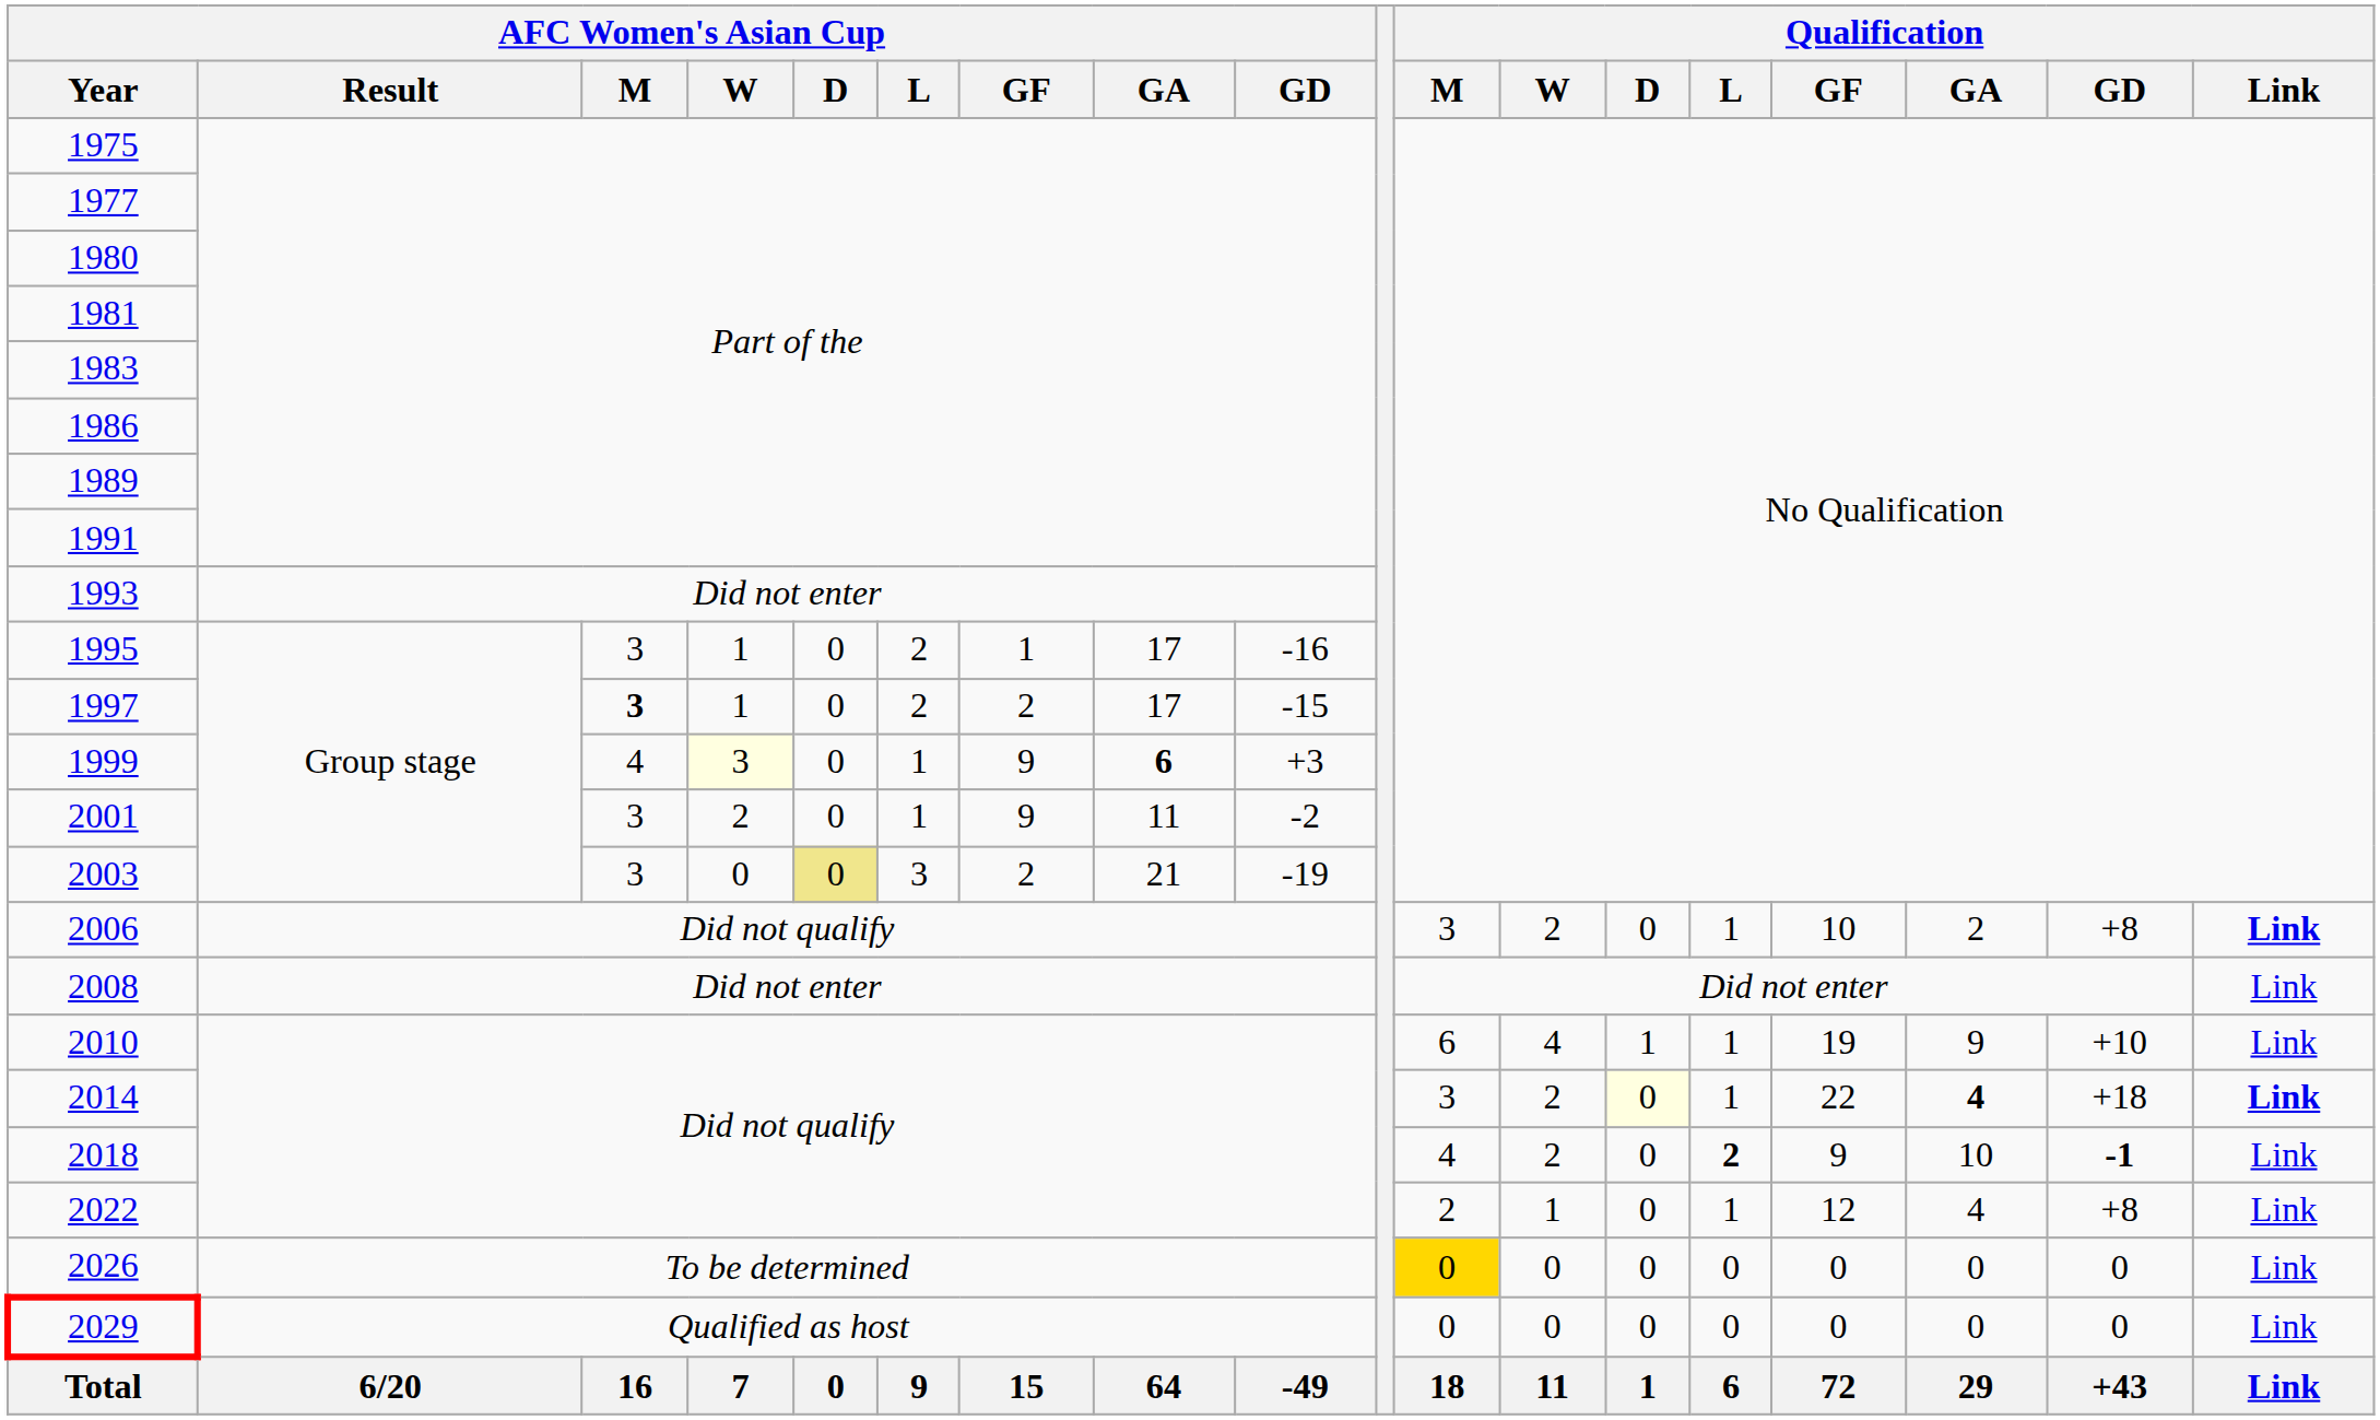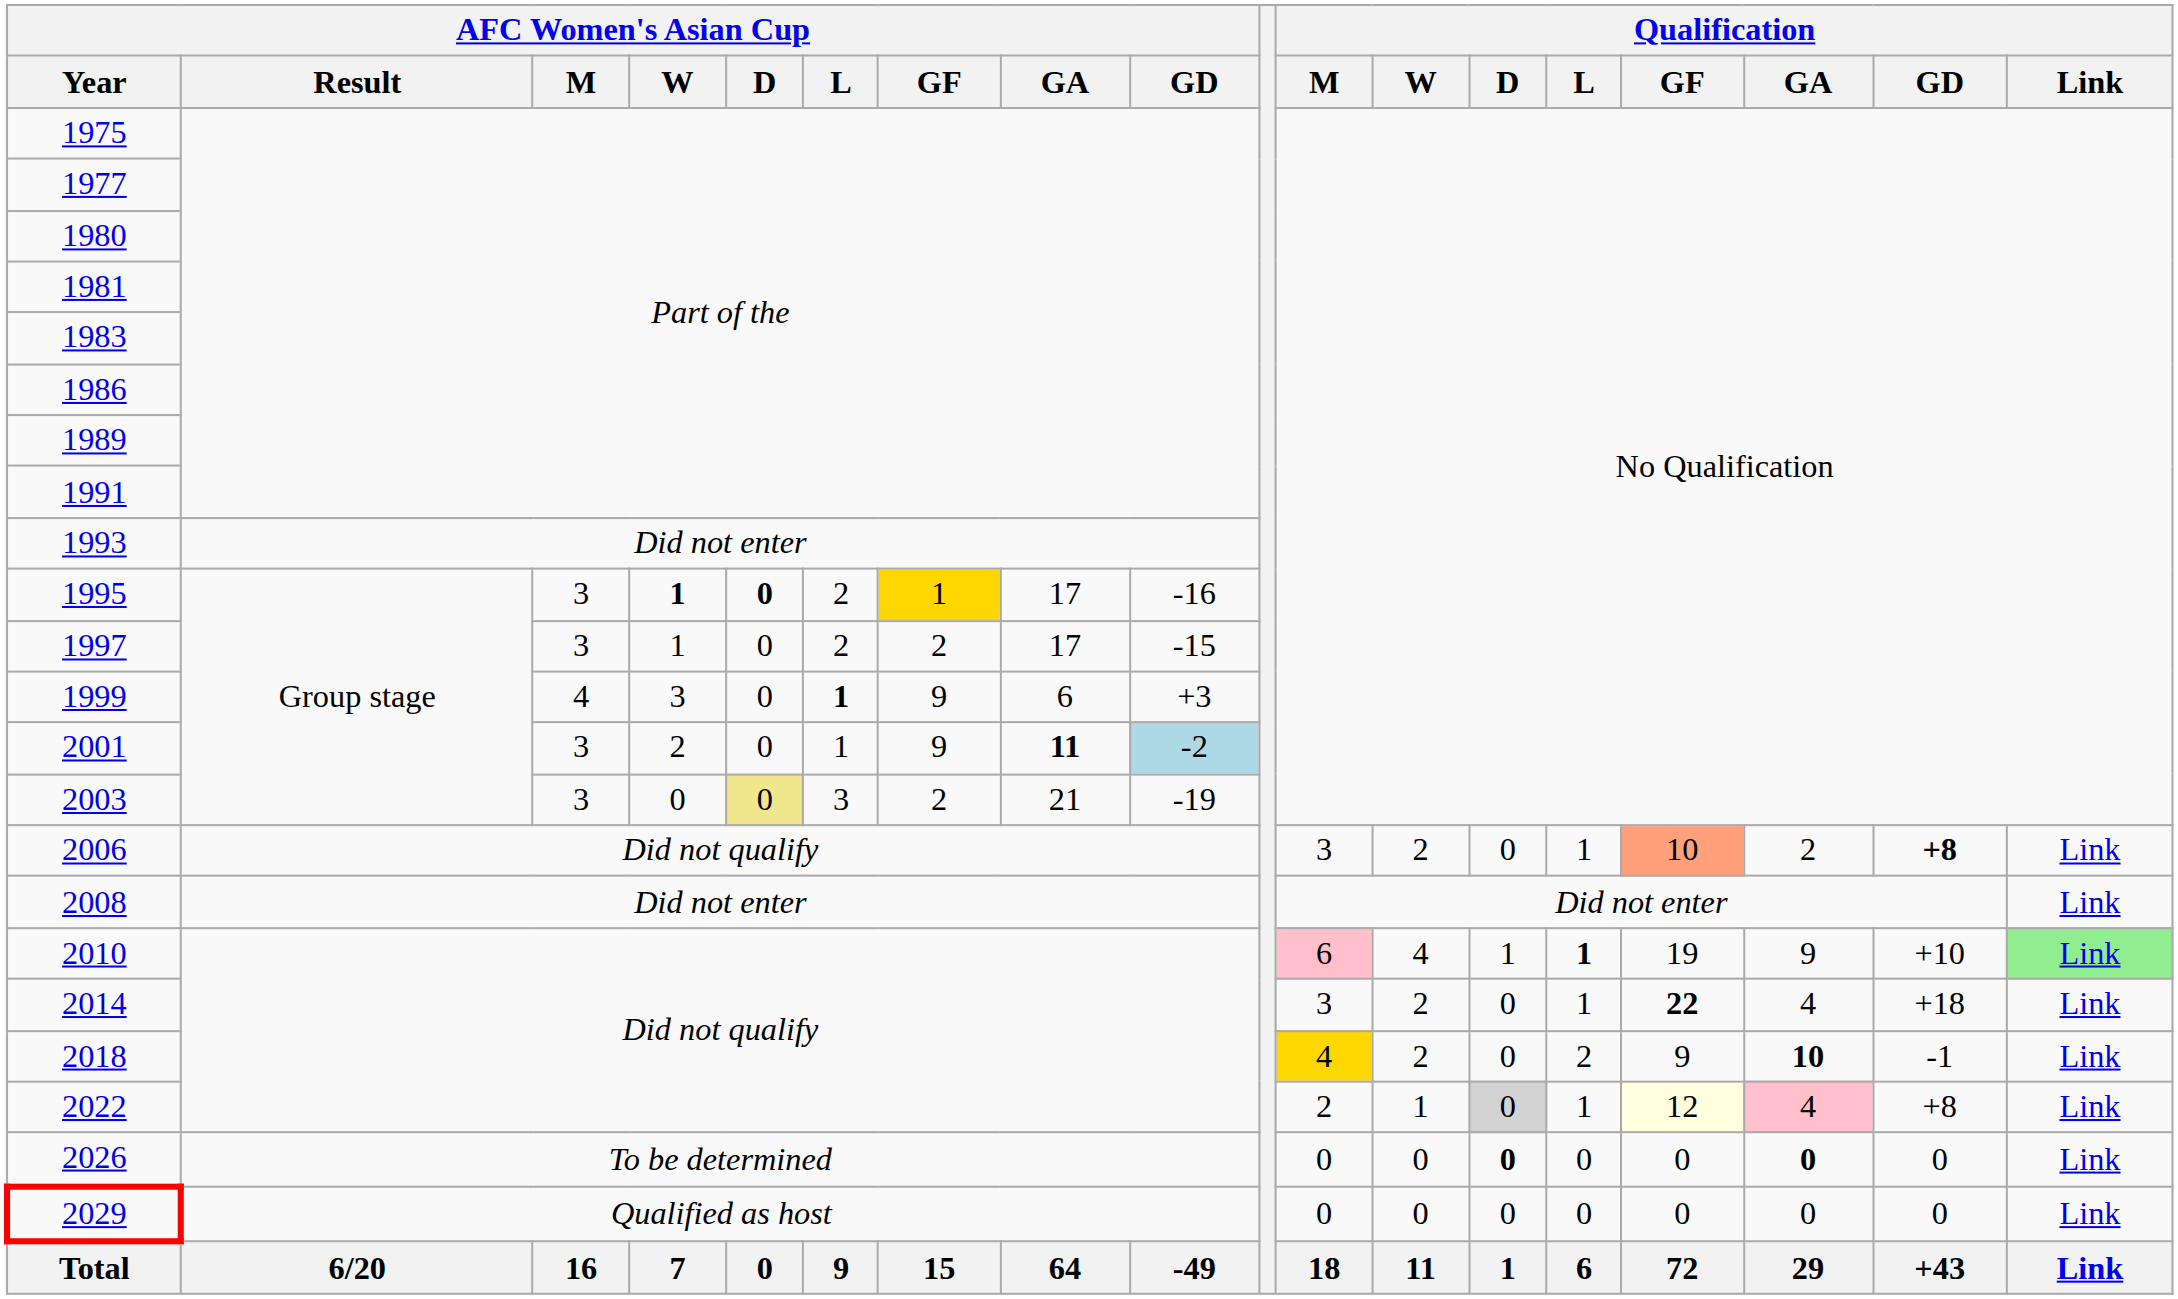 <table class="wikitable" style="text-align: center; width:85%;">
 <tr>
 <th colspan=9><a href='#'>AFC Women's Asian Cup</a></th>
 <th width=1 rowspan=25></th>
 <th colspan=8><a href='#'>Qualification</a></th>
 </tr>
 <tr>
 <th>Year</th>
 <th>Result</th>
 <th>M</th>
 <th>W</th>
 <th>D</th>
 <th>L</th>
 <th>GF</th>
 <th>GA</th>
 <th>GD</th>
 <th>M</th>
 <th>W</th>
 <th>D</th>
 <th>L</th>
 <th>GF</th>
 <th>GA</th>
 <th>GD</th>
 <th>Link</th>
 </tr>
 <tr>
 <td> <a href='#'>1975</a></td>
 <td colspan=8 rowspan=8><em>Part of the </em></td>
 <td colspan=8 rowspan=14>No Qualification</td>
 </tr>
 <tr>
 <td> <a href='#'>1977</a></td>
 </tr>
 <tr>
 <td> <a href='#'>1980</a></td>
 </tr>
 <tr>
 <td> <a href='#'>1981</a></td>
 </tr>
 <tr>
 <td> <a href='#'>1983</a></td>
 </tr>
 <tr>
 <td> <a href='#'>1986</a></td>
 </tr>
 <tr>
 <td> <a href='#'>1989</a></td>
 </tr>
 <tr>
 <td> <a href='#'>1991</a></td>
 </tr>
 <tr>
 <td> <a href='#'>1993</a></td>
 <td colspan=8><em>Did not enter</em></td>
 </tr>
 <tr>
 <td> <a href='#'>1995</a></td>
 <td rowspan=5>Group stage</td>
 <td>3</td>
-<td>1</td>
-<td>0</td>
+<td><strong>1</strong></td>
+<td><strong>0</strong></td>
 <td>2</td>
-<td>1</td>
+<td style="background: gold;">1</td>
 <td>17</td>
 <td>-16</td>
 </tr>
 <tr>
 <td> <a href='#'>1997</a></td>
-<td><strong>3</strong></td>
+<td>3</td>
 <td>1</td>
 <td>0</td>
 <td>2</td>
 <td>2</td>
 <td>17</td>
 <td>-15</td>
 </tr>
 <tr>
 <td> <a href='#'>1999</a></td>
 <td>4</td>
-<td style="background: lightyellow;">3</td>
+<td>3</td>
 <td>0</td>
-<td>1</td>
+<td><strong>1</strong></td>
 <td>9</td>
-<td><strong>6</strong></td>
+<td>6</td>
 <td>+3</td>
 </tr>
 <tr>
 <td> <a href='#'>2001</a></td>
 <td>3</td>
 <td>2</td>
 <td>0</td>
 <td>1</td>
 <td>9</td>
-<td>11</td>
-<td>-2</td>
+<td><strong>11</strong></td>
+<td style="background: lightblue;">-2</td>
 </tr>
 <tr>
 <td> <a href='#'>2003</a></td>
 <td>3</td>
 <td>0</td>
 <td style="background: khaki;">0</td>
 <td>3</td>
 <td>2</td>
 <td>21</td>
 <td>-19</td>
 </tr>
 <tr>
 <td> <a href='#'>2006</a></td>
 <td colspan=8><em>Did not qualify</em></td>
 <td>3</td>
 <td>2</td>
 <td>0</td>
 <td>1</td>
-<td>10</td>
+<td style="background: lightsalmon;">10</td>
 <td>2</td>
-<td>+8</td>
-<td><strong><a href='#'>Link</a></strong></td>
+<td><strong>+8</strong></td>
+<td><a href='#'>Link</a></td>
 </tr>
 <tr>
 <td> <a href='#'>2008</a></td>
 <td colspan=8><em>Did not enter</em></td>
 <td colspan=7><em>Did not enter</em></td>
 <td><a href='#'>Link</a></td>
 </tr>
 <tr>
 <td> <a href='#'>2010</a></td>
 <td colspan=8 rowspan=4><em>Did not qualify</em></td>
-<td>6</td>
+<td style="background: pink;">6</td>
 <td>4</td>
 <td>1</td>
-<td>1</td>
+<td><strong>1</strong></td>
 <td>19</td>
 <td>9</td>
 <td>+10</td>
-<td><a href='#'>Link</a></td>
+<td style="background: lightgreen;"><a href='#'>Link</a></td>
 </tr>
 <tr>
 <td> <a href='#'>2014</a></td>
 <td>3</td>
 <td>2</td>
-<td style="background: lightyellow;">0</td>
+<td>0</td>
 <td>1</td>
-<td>22</td>
-<td><strong>4</strong></td>
+<td><strong>22</strong></td>
+<td>4</td>
 <td>+18</td>
-<td><strong><a href='#'>Link</a></strong></td>
+<td><a href='#'>Link</a></td>
 </tr>
 <tr>
 <td> <a href='#'>2018</a></td>
-<td>4</td>
+<td style="background: gold;">4</td>
 <td>2</td>
 <td>0</td>
-<td><strong>2</strong></td>
+<td>2</td>
 <td>9</td>
-<td>10</td>
-<td><strong>-1</strong></td>
+<td><strong>10</strong></td>
+<td>-1</td>
 <td><a href='#'>Link</a></td>
 </tr>
 <tr>
 <td> <a href='#'>2022</a></td>
 <td>2</td>
 <td>1</td>
-<td>0</td>
+<td style="background: lightgrey;">0</td>
 <td>1</td>
-<td>12</td>
-<td>4</td>
+<td style="background: lightyellow;">12</td>
+<td style="background: pink;">4</td>
 <td>+8</td>
 <td><a href='#'>Link</a></td>
 </tr>
 <tr>
 <td> <a href='#'>2026</a></td>
 <td colspan=8><em>To be determined</em></td>
-<td style="background: gold;">0</td>
 <td>0</td>
 <td>0</td>
+<td><strong>0</strong></td>
 <td>0</td>
 <td>0</td>
-<td>0</td>
+<td><strong>0</strong></td>
 <td>0</td>
 <td><a href='#'>Link</a></td>
 </tr>
 <tr>
 <td style="border: 3px solid red"> <a href='#'>2029</a></td>
 <td colspan=8><em>Qualified as host</em></td>
 <td>0</td>
 <td>0</td>
 <td>0</td>
 <td>0</td>
 <td>0</td>
 <td>0</td>
 <td>0</td>
 <td><a href='#'>Link</a></td>
 </tr>
 <tr>
 <th>Total</th>
 <th>6/20</th>
 <th>16</th>
 <th>7</th>
 <th>0</th>
 <th>9</th>
 <th>15</th>
 <th>64</th>
 <th>-49</th>
 <th>18</th>
 <th>11</th>
 <th>1</th>
 <th>6</th>
 <th>72</th>
 <th>29</th>
 <th>+43</th>
 <th><a href='#'>Link</a></th>
 </tr>
 </table>
